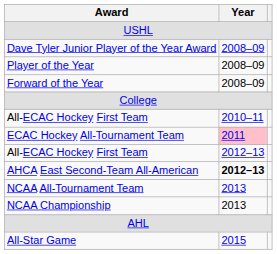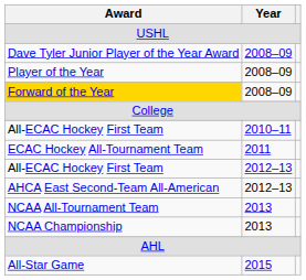 <table class="wikitable">
 <tr>
 <th>Award</th>
 <th>Year</th>
 <th></th>
 </tr>
 <tr ALIGN="center" bgcolor="#e0e0e0">
 <td colspan="3"><a href='#'>USHL</a></td>
 </tr>
 <tr>
 <td><a href='#'>Dave Tyler Junior Player of the Year Award</a></td>
 <td><a href='#'>2008–09</a></td>
 <td></td>
 </tr>
 <tr>
 <td><a href='#'>Player of the Year</a></td>
 <td>2008–09</td>
 <td></td>
 </tr>
 <tr>
-<td><a href='#'>Forward of the Year</a></td>
+<td style="background: gold;"><a href='#'>Forward of the Year</a></td>
 <td>2008–09</td>
 <td></td>
 </tr>
 <tr ALIGN="center" bgcolor="#e0e0e0">
 <td colspan="3"><a href='#'>College</a></td>
 </tr>
 <tr>
 <td>All-<a href='#'>ECAC Hockey</a> <a href='#'>First Team</a></td>
 <td><a href='#'>2010–11</a></td>
 <td></td>
 </tr>
 <tr>
 <td><a href='#'>ECAC Hockey</a> <a href='#'>All-Tournament Team</a></td>
-<td style="background: pink;"><a href='#'>2011</a></td>
+<td><a href='#'>2011</a></td>
 <td></td>
 </tr>
 <tr>
 <td>All-<a href='#'>ECAC Hockey</a> <a href='#'>First Team</a></td>
 <td><a href='#'>2012–13</a></td>
 <td></td>
 </tr>
 <tr>
 <td><a href='#'>AHCA</a> <a href='#'>East Second-Team All-American</a></td>
-<td><strong>2012–13</strong></td>
+<td>2012–13</td>
 <td></td>
 </tr>
 <tr>
 <td><a href='#'>NCAA</a> <a href='#'>All-Tournament Team</a></td>
 <td><a href='#'>2013</a></td>
 <td></td>
 </tr>
 <tr>
 <td><a href='#'>NCAA Championship</a></td>
 <td>2013</td>
 <td></td>
 </tr>
 <tr ALIGN="center" bgcolor="#e0e0e0">
 <td colspan="3"><a href='#'>AHL</a></td>
 </tr>
 <tr>
 <td><a href='#'>All-Star Game</a></td>
 <td><a href='#'>2015</a></td>
 <td></td>
 </tr>
 </table>
